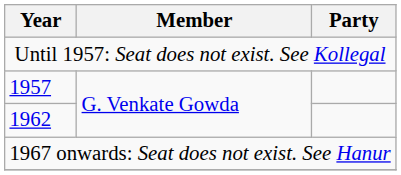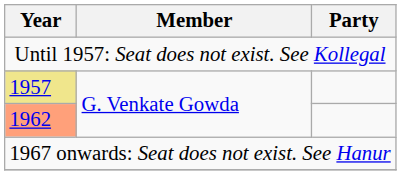 <table class="wikitable sortable">
 <tr>
 <th>Year</th>
 <th>Member</th>
 <th colspan="2">Party</th>
 </tr>
 <tr>
 <td colspan=4 align=center>Until 1957: <em>Seat does not exist. See <a href='#'>Kollegal</a></em></td>
 </tr>
 <tr>
-<td><a href='#'>1957</a></td>
+<td style="background: khaki;"><a href='#'>1957</a></td>
 <td rowspan=2><a href='#'>G. Venkate Gowda</a></td>
 <td></td>
 </tr>
 <tr>
-<td><a href='#'>1962</a></td>
+<td style="background: lightsalmon;"><a href='#'>1962</a></td>
 </tr>
 <tr>
 <td colspan=4 align=center>1967 onwards: <em>Seat does not exist. See <a href='#'>Hanur</a></em></td>
 </tr>
 <tr>
 </tr>
 </table>
